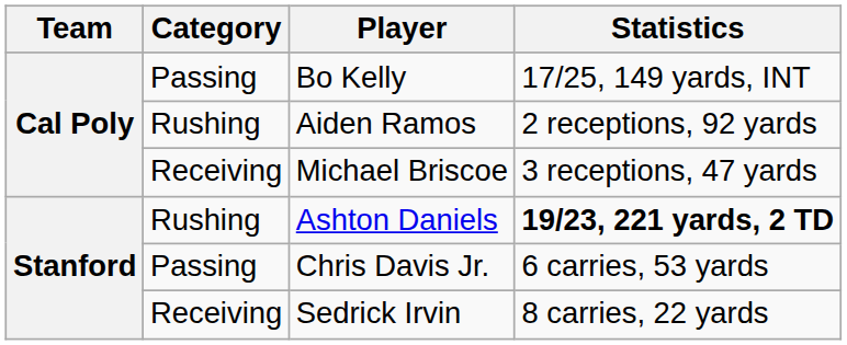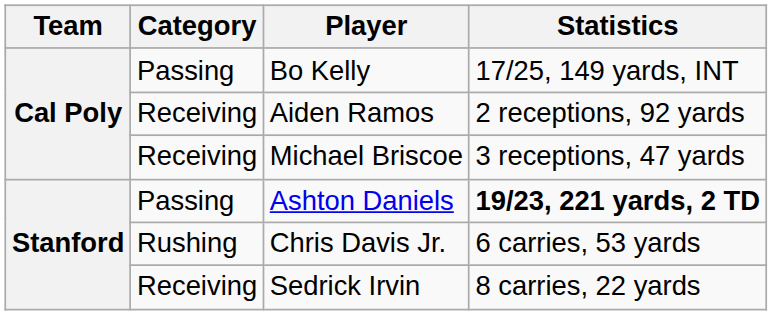 <table class="wikitable" style="float:right">
 <tr>
 <th>Team</th>
 <th>Category</th>
 <th>Player</th>
 <th>Statistics</th>
 </tr>
 <tr>
 <th rowspan=3>Cal Poly</th>
 <td>Passing</td>
 <td>Bo Kelly</td>
 <td>17/25, 149 yards, INT</td>
 </tr>
 <tr>
-<td>Rushing</td>
+<td>Receiving</td>
 <td>Aiden Ramos</td>
 <td>2 receptions, 92 yards</td>
 </tr>
 <tr>
 <td>Receiving</td>
 <td>Michael Briscoe</td>
 <td>3 receptions, 47 yards</td>
 </tr>
 <tr>
 <th rowspan=3>Stanford</th>
-<td>Rushing</td>
+<td>Passing</td>
 <td><a href='#'>Ashton Daniels</a></td>
 <td><strong>19/23, 221 yards, 2 TD</strong></td>
 </tr>
 <tr>
-<td>Passing</td>
+<td>Rushing</td>
 <td>Chris Davis Jr.</td>
 <td>6 carries, 53 yards</td>
 </tr>
 <tr>
 <td>Receiving</td>
 <td>Sedrick Irvin</td>
 <td>8 carries, 22 yards</td>
 </tr>
 </table>
